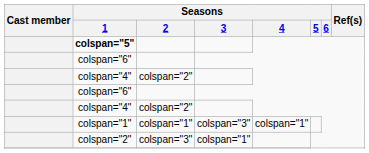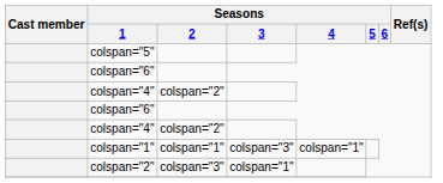 <table class="wikitable sortable" style="text-align:center">
 <tr>
 <th rowspan="2">Cast member</th>
 <th colspan="6">Seasons</th>
 <th rowspan="2" scope="col">Ref(s)</th>
 </tr>
 <tr>
 <th><a href='#'>1</a></th>
 <th><a href='#'>2</a></th>
 <th><a href='#'>3</a></th>
 <th><a href='#'>4</a></th>
 <th><a href='#'>5</a></th>
 <th><a href='#'>6</a></th>
 </tr>
 <tr>
 <th scope="row"></th>
-<td><strong>colspan="5" </strong></td>
+<td>colspan="5" </td>
 <td></td>
 <td></td>
 </tr>
 <tr>
 <th scope="row"></th>
 <td>colspan="6" </td>
 <td></td>
 </tr>
 <tr>
 <th scope="row"></th>
 <td>colspan="4" </td>
 <td>colspan="2" </td>
 <td></td>
 </tr>
 <tr>
 <th scope="row"></th>
 <td>colspan="6" </td>
 <td></td>
 </tr>
 <tr>
 <th scope="row"></th>
 <td>colspan="4"  </td>
 <td>colspan="2" </td>
 <td></td>
 </tr>
 <tr>
 <th scope="row"></th>
 <td>colspan="1"  </td>
 <td>colspan="1"  </td>
 <td>colspan="3"  </td>
 <td>colspan="1" </td>
 <td></td>
 </tr>
 <tr>
 <th scope="row"></th>
 <td>colspan="2"  </td>
 <td>colspan="3"  </td>
 <td>colspan="1" </td>
 <td></td>
 </tr>
 <tr>
 </tr>
 </table>
